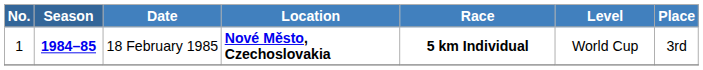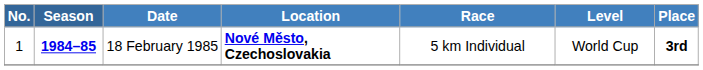 <table class="wikitable sortable" style="font-size:95%; text-align:center; border:grey solid 1px; border-collapse:collapse; background:#ffffff;">
 <tr style="background:#efefef;">
 <th style="background-color:#369; color:white;">No.</th>
 <th style="background-color:#369; color:white;">Season</th>
 <th style="background-color:#4180be; color:white; width:120px;">Date</th>
 <th style="background-color:#4180be; color:white; width:185px;">Location</th>
 <th style="background-color:#4180be; color:white; width:160px;">Race</th>
 <th style="background-color:#4180be; color:white; width:100px;">Level</th>
 <th style="background-color:#4180be; color:white;">Place</th>
 </tr>
 <tr>
 <td align=center>1</td>
 <td rowspan=1 align=center><strong> <a href='#'>1984–85</a> </strong></td>
 <td align=right>18 February 1985</td>
 <td align=left><strong> <a href='#'>Nové Město</a>, Czechoslovakia</strong></td>
-<td><strong>5 km Individual</strong></td>
+<td>5 km Individual</td>
 <td>World Cup</td>
-<td>3rd</td>
+<td><strong>3rd</strong></td>
 </tr>
 <tr>
 </tr>
 </table>
